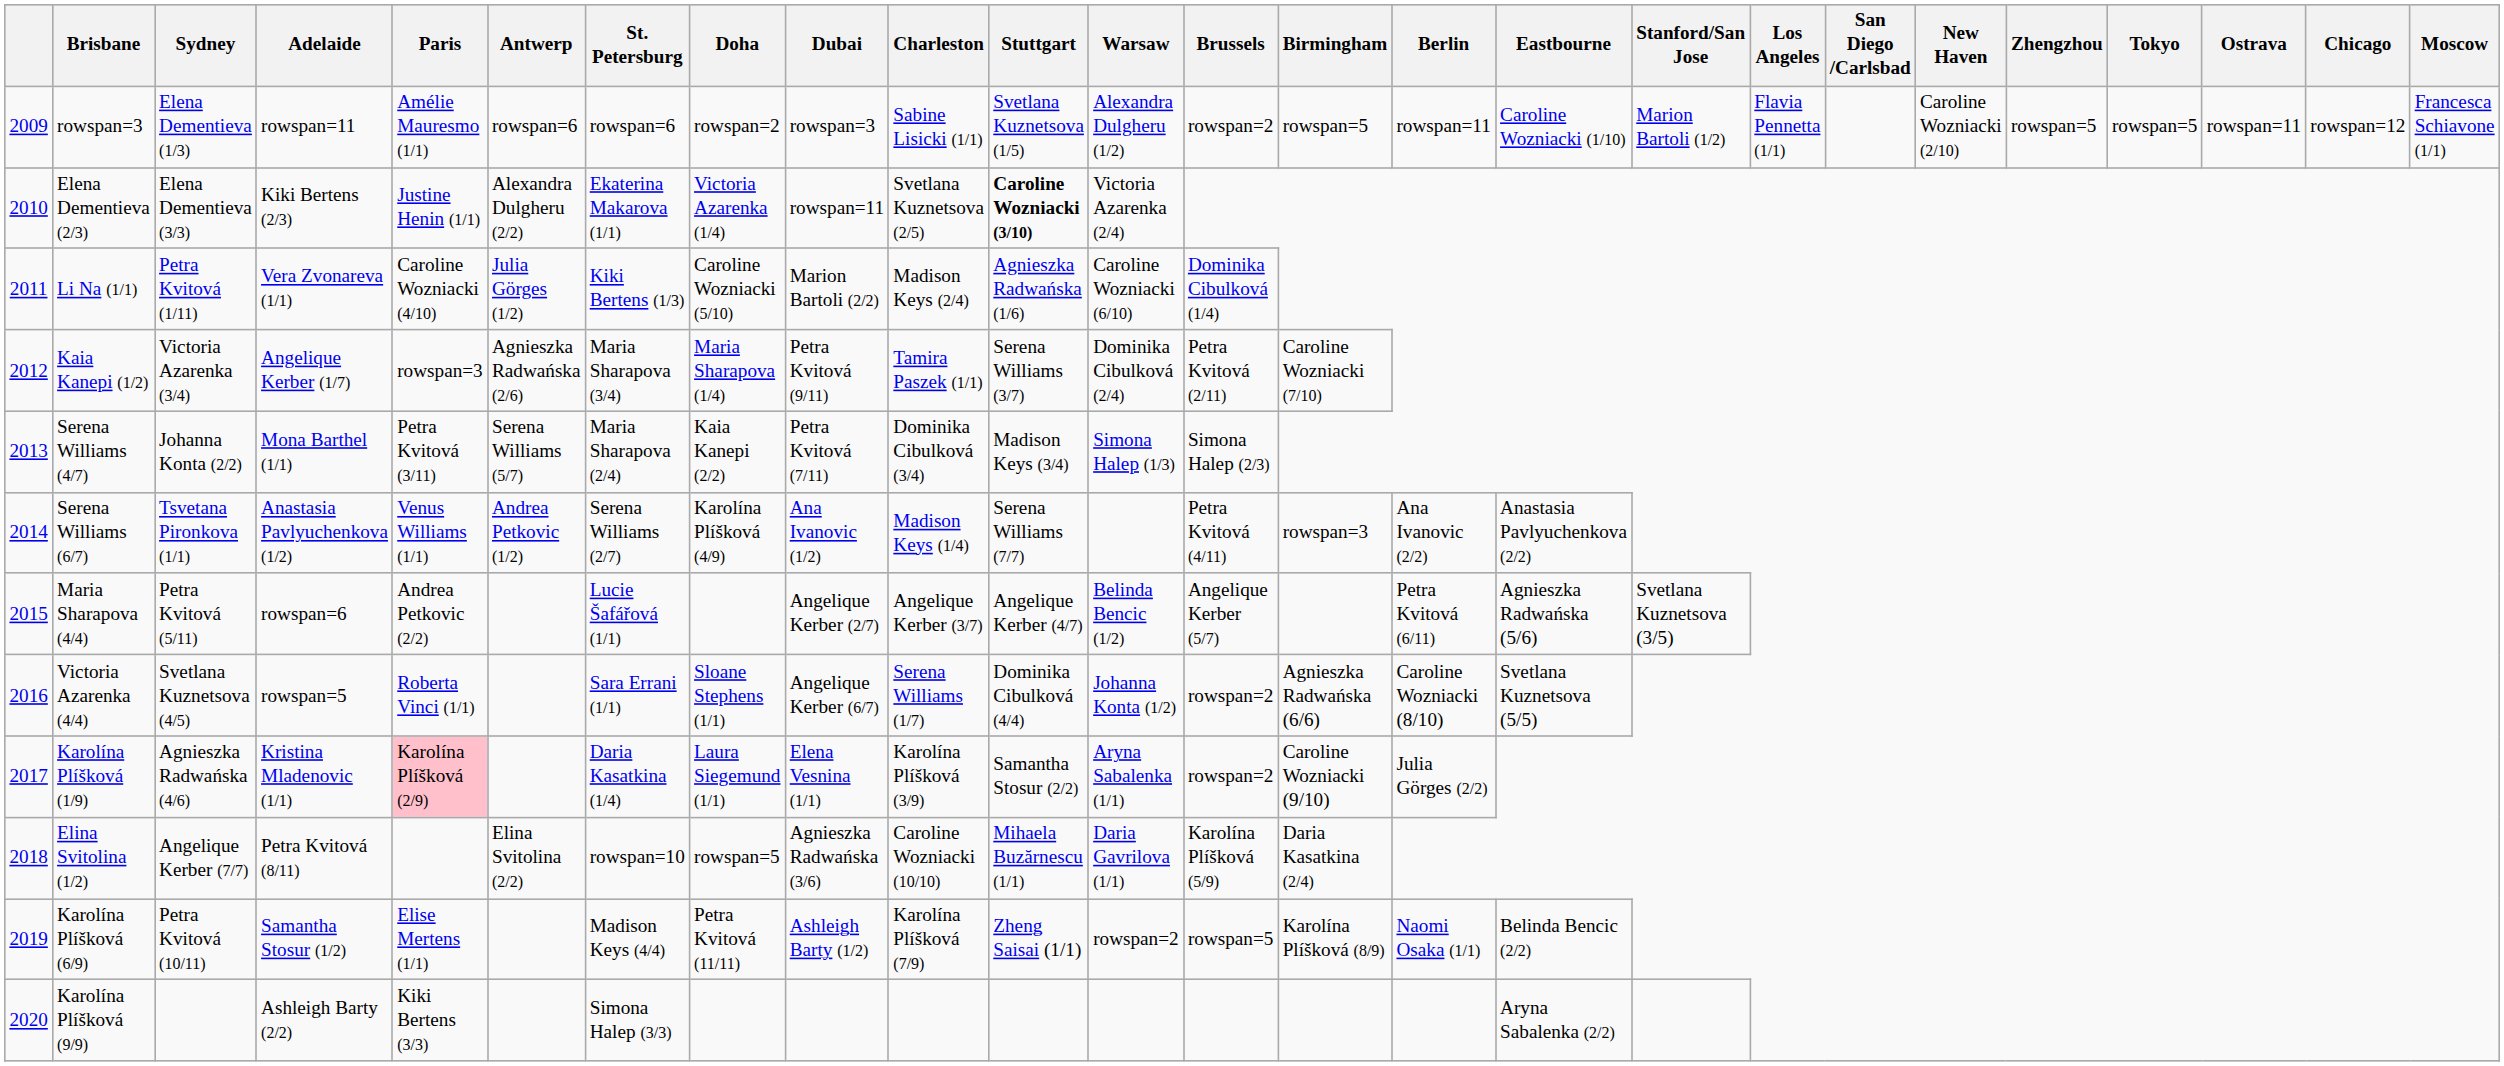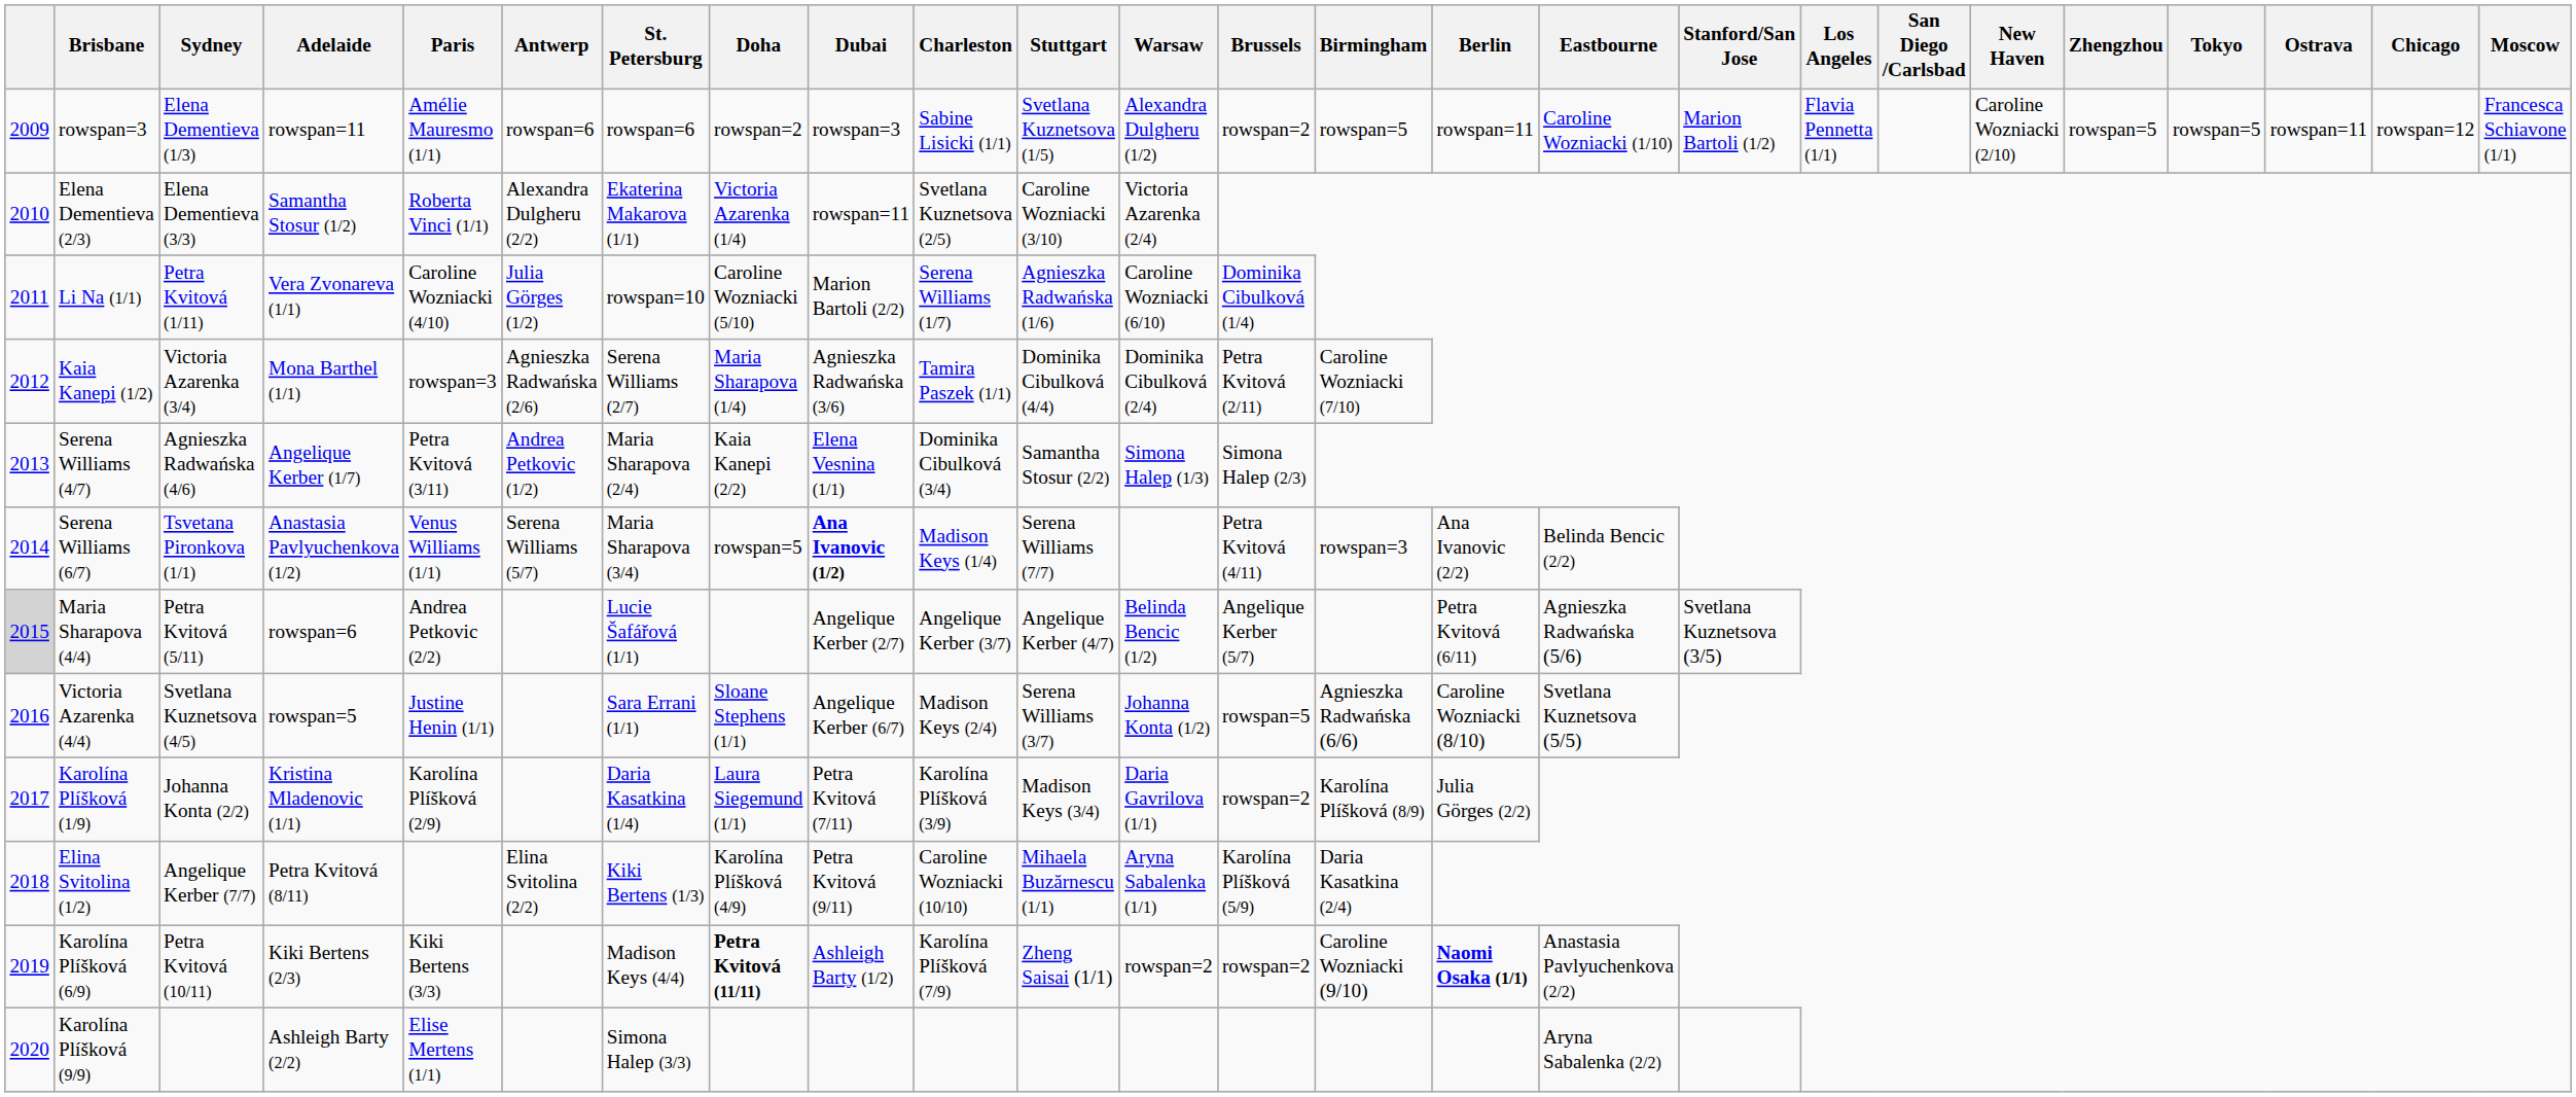 <table class="wikitable" style="font-size: 75%; border: #aaa solid 1px; border-collapse: collapse; text-align:left;">
 <tr bgcolor="#ececec">
 <th></th>
 <th width=100>Brisbane</th>
 <th>Sydney</th>
 <th>Adelaide</th>
 <th width=100>Paris</th>
 <th width=100>Antwerp</th>
 <th width=100>St. Petersburg</th>
 <th width=100>Doha</th>
 <th width=100>Dubai</th>
 <th width=100>Charleston</th>
 <th width=100>Stuttgart</th>
 <th width=100>Warsaw</th>
 <th width=100>Brussels</th>
 <th width=100>Birmingham</th>
 <th width=100>Berlin</th>
 <th width=100>Eastbourne</th>
 <th width=100>Stanford/San Jose</th>
 <th width=100>Los Angeles</th>
 <th width=100>San Diego /Carlsbad</th>
 <th width=100>New Haven</th>
 <th width=100>Zhengzhou</th>
 <th width=100>Tokyo</th>
 <th width=100>Ostrava</th>
 <th width=100>Chicago</th>
 <th width=100>Moscow</th>
 </tr>
 <tr>
 <td style="text-align:center;"><a href='#'>2009</a></td>
 <td>rowspan=3 </td>
 <td> <a href='#'>Elena Dementieva</a> <small>(1/3)</small></td>
 <td>rowspan=11 </td>
 <td> <a href='#'>Amélie Mauresmo</a> <small>(1/1)</small></td>
 <td>rowspan=6 </td>
 <td>rowspan=6 </td>
 <td>rowspan=2 </td>
 <td>rowspan=3 </td>
 <td> <a href='#'>Sabine Lisicki</a> <small>(1/1)</small></td>
 <td> <a href='#'>Svetlana Kuznetsova</a> <small>(1/5)</small></td>
 <td> <a href='#'>Alexandra Dulgheru</a> <small>(1/2)</small></td>
 <td>rowspan=2 </td>
 <td>rowspan=5 </td>
 <td>rowspan=11 </td>
 <td> <a href='#'>Caroline Wozniacki</a> <small>(1/10)</small></td>
 <td> <a href='#'>Marion Bartoli</a> <small>(1/2)</small></td>
 <td> <a href='#'>Flavia Pennetta</a> <small>(1/1)</small></td>
 <td></td>
 <td> Caroline Wozniacki <small>(2/10)</small></td>
 <td>rowspan=5 </td>
 <td>rowspan=5 </td>
 <td>rowspan=11 </td>
 <td>rowspan=12 </td>
 <td> <a href='#'>Francesca Schiavone</a> <small>(1/1)</small></td>
 </tr>
 <tr>
 <td style="text-align:center;"><a href='#'>2010</a></td>
 <td> Elena Dementieva <small>(2/3)</small></td>
 <td> Elena Dementieva <small>(3/3)</small></td>
-<td> Kiki Bertens <small>(2/3)</small></td>
-<td> <a href='#'>Justine Henin</a> <small>(1/1)</small></td>
+<td> <a href='#'>Samantha Stosur</a> <small>(1/2)</small></td>
+<td> <a href='#'>Roberta Vinci</a> <small>(1/1)</small></td>
 <td> Alexandra Dulgheru <small>(2/2)</small></td>
 <td> <a href='#'>Ekaterina Makarova</a> <small>(1/1)</small></td>
 <td> <a href='#'>Victoria Azarenka</a> <small>(1/4)</small></td>
 <td>rowspan=11 </td>
 <td> Svetlana Kuznetsova <small>(2/5)</small></td>
-<td><strong> Caroline Wozniacki <small>(3/10)</small></strong></td>
+<td> Caroline Wozniacki <small>(3/10)</small></td>
 <td> Victoria Azarenka <small>(2/4)</small></td>
 </tr>
 <tr>
 <td style="text-align:center;"><a href='#'>2011</a></td>
 <td> <a href='#'>Li Na</a> <small>(1/1)</small></td>
 <td> <a href='#'>Petra Kvitová</a> <small>(1/11)</small></td>
 <td> <a href='#'>Vera Zvonareva</a> <small>(1/1)</small></td>
 <td> Caroline Wozniacki <small>(4/10)</small></td>
 <td> <a href='#'>Julia Görges</a> <small>(1/2)</small></td>
-<td> <a href='#'>Kiki Bertens</a> <small>(1/3)</small></td>
+<td>rowspan=10 </td>
 <td> Caroline Wozniacki <small>(5/10)</small></td>
 <td> Marion Bartoli <small>(2/2)</small></td>
-<td> Madison Keys <small>(2/4)</small></td>
+<td> <a href='#'>Serena Williams</a> <small>(1/7)</small></td>
 <td> <a href='#'>Agnieszka Radwańska</a> <small>(1/6)</small></td>
 <td> Caroline Wozniacki <small>(6/10)</small></td>
 <td> <a href='#'>Dominika Cibulková</a> <small>(1/4)</small></td>
 </tr>
 <tr>
 <td style="text-align:center;"><a href='#'>2012</a></td>
 <td> <a href='#'>Kaia Kanepi</a> <small>(1/2)</small></td>
 <td> Victoria Azarenka <small>(3/4)</small></td>
-<td> <a href='#'>Angelique Kerber</a> <small>(1/7)</small></td>
+<td> <a href='#'>Mona Barthel</a> <small>(1/1)</small></td>
 <td>rowspan=3 </td>
 <td> Agnieszka Radwańska <small>(2/6)</small></td>
-<td> Maria Sharapova <small>(3/4)</small></td>
+<td> Serena Williams <small>(2/7)</small></td>
 <td> <a href='#'>Maria Sharapova</a> <small>(1/4)</small></td>
-<td> Petra Kvitová <small>(9/11)</small></td>
+<td> Agnieszka Radwańska <small>(3/6)</small></td>
 <td> <a href='#'>Tamira Paszek</a> <small>(1/1)</small></td>
-<td> Serena Williams <small>(3/7)</small></td>
+<td> Dominika Cibulková <small>(4/4)</small></td>
 <td> Dominika Cibulková <small>(2/4)</small></td>
 <td> Petra Kvitová <small>(2/11)</small></td>
 <td> Caroline Wozniacki <small>(7/10)</small></td>
 </tr>
 <tr>
 <td style="text-align:center;"><a href='#'>2013</a></td>
 <td> Serena Williams <small>(4/7)</small></td>
-<td> Johanna Konta <small>(2/2)</small></td>
-<td> <a href='#'>Mona Barthel</a> <small>(1/1)</small></td>
+<td> Agnieszka Radwańska <small>(4/6)</small></td>
+<td> <a href='#'>Angelique Kerber</a> <small>(1/7)</small></td>
 <td> Petra Kvitová <small>(3/11)</small></td>
-<td> Serena Williams <small>(5/7)</small></td>
+<td> <a href='#'>Andrea Petkovic</a> <small>(1/2)</small></td>
 <td> Maria Sharapova <small>(2/4)</small></td>
 <td> Kaia Kanepi <small>(2/2)</small></td>
-<td> Petra Kvitová <small>(7/11)</small></td>
+<td> <a href='#'>Elena Vesnina</a> <small>(1/1)</small></td>
 <td> Dominika Cibulková <small>(3/4)</small></td>
-<td> Madison Keys <small>(3/4)</small></td>
+<td> Samantha Stosur <small>(2/2)</small></td>
 <td> <a href='#'>Simona Halep</a> <small>(1/3)</small></td>
 <td> Simona Halep <small>(2/3)</small></td>
 </tr>
 <tr>
 <td style="text-align:center;"><a href='#'>2014</a></td>
 <td> Serena Williams <small>(6/7)</small></td>
 <td> <a href='#'>Tsvetana Pironkova</a> <small>(1/1)</small></td>
 <td> <a href='#'>Anastasia Pavlyuchenkova</a> <small>(1/2)</small></td>
 <td> <a href='#'>Venus Williams</a> <small>(1/1)</small></td>
-<td> <a href='#'>Andrea Petkovic</a> <small>(1/2)</small></td>
-<td> Serena Williams <small>(2/7)</small></td>
-<td> Karolína Plíšková <small>(4/9)</small></td>
-<td> <a href='#'>Ana Ivanovic</a> <small>(1/2)</small></td>
+<td> Serena Williams <small>(5/7)</small></td>
+<td> Maria Sharapova <small>(3/4)</small></td>
+<td>rowspan=5 </td>
+<td><strong> <a href='#'>Ana Ivanovic</a> <small>(1/2)</small></strong></td>
 <td> <a href='#'>Madison Keys</a> <small>(1/4)</small></td>
 <td> Serena Williams <small>(7/7)</small></td>
 <td></td>
 <td> Petra Kvitová <small>(4/11)</small></td>
 <td>rowspan=3 </td>
 <td> Ana Ivanovic <small>(2/2)</small></td>
-<td> Anastasia Pavlyuchenkova <small>(2/2)</small></td>
+<td> Belinda Bencic <small>(2/2)</small></td>
 </tr>
 <tr>
-<td style="text-align:center;"><a href='#'>2015</a></td>
+<td style="background: lightgrey; text-align:center;"><a href='#'>2015</a></td>
 <td> Maria Sharapova <small>(4/4)</small></td>
 <td> Petra Kvitová <small>(5/11)</small></td>
 <td>rowspan=6 </td>
 <td> Andrea Petkovic <small>(2/2)</small></td>
 <td></td>
 <td> <a href='#'>Lucie Šafářová</a> <small>(1/1)</small></td>
 <td></td>
 <td> Angelique Kerber <small>(2/7)</small></td>
 <td> Angelique Kerber <small>(3/7)</small></td>
 <td> Angelique Kerber <small>(4/7)</small></td>
 <td> <a href='#'>Belinda Bencic</a> <small>(1/2)</small></td>
 <td> Angelique Kerber <small>(5/7)</small></td>
 <td></td>
 <td> Petra Kvitová <small>(6/11)</small></td>
 <td> Agnieszka Radwańska (5/6)</td>
 <td> Svetlana Kuznetsova (3/5)</td>
 </tr>
 <tr>
 <td style="text-align:center;"><a href='#'>2016</a></td>
 <td> Victoria Azarenka <small>(4/4)</small></td>
 <td> Svetlana Kuznetsova <small>(4/5)</small></td>
 <td>rowspan=5 </td>
-<td> <a href='#'>Roberta Vinci</a> <small>(1/1)</small></td>
+<td> <a href='#'>Justine Henin</a> <small>(1/1)</small></td>
 <td></td>
 <td> <a href='#'>Sara Errani</a> <small>(1/1)</small></td>
 <td> <a href='#'>Sloane Stephens</a> <small>(1/1)</small></td>
 <td> Angelique Kerber <small>(6/7)</small></td>
-<td> <a href='#'>Serena Williams</a> <small>(1/7)</small></td>
-<td> Dominika Cibulková <small>(4/4)</small></td>
+<td> Madison Keys <small>(2/4)</small></td>
+<td> Serena Williams <small>(3/7)</small></td>
 <td> <a href='#'>Johanna Konta</a> <small>(1/2)</small></td>
-<td>rowspan=2 </td>
+<td>rowspan=5 </td>
 <td> Agnieszka Radwańska (6/6)</td>
 <td> Caroline Wozniacki (8/10)</td>
 <td> Svetlana Kuznetsova (5/5)</td>
 </tr>
 <tr>
 <td style="text-align:center;"><a href='#'>2017</a></td>
 <td> <a href='#'>Karolína Plíšková</a> <small>(1/9)</small></td>
-<td> Agnieszka Radwańska <small>(4/6)</small></td>
+<td> Johanna Konta <small>(2/2)</small></td>
 <td> <a href='#'>Kristina Mladenovic</a> <small>(1/1)</small></td>
-<td style="background: pink;"> Karolína Plíšková <small>(2/9)</small></td>
+<td> Karolína Plíšková <small>(2/9)</small></td>
 <td></td>
 <td> <a href='#'>Daria Kasatkina</a> <small>(1/4)</small></td>
 <td> <a href='#'>Laura Siegemund</a> <small>(1/1)</small></td>
-<td> <a href='#'>Elena Vesnina</a> <small>(1/1)</small></td>
+<td> Petra Kvitová <small>(7/11)</small></td>
 <td> Karolína Plíšková <small>(3/9)</small></td>
-<td> Samantha Stosur <small>(2/2)</small></td>
-<td> <a href='#'>Aryna Sabalenka</a> <small>(1/1)</small></td>
+<td> Madison Keys <small>(3/4)</small></td>
+<td> <a href='#'>Daria Gavrilova</a> <small>(1/1)</small></td>
 <td>rowspan=2 </td>
-<td> Caroline Wozniacki (9/10)</td>
+<td> Karolína Plíšková <small>(8/9)</small></td>
 <td> Julia Görges <small>(2/2)</small></td>
 </tr>
 <tr>
 <td style="text-align:center;"><a href='#'>2018</a></td>
 <td> <a href='#'>Elina Svitolina</a> <small>(1/2)</small></td>
 <td> Angelique Kerber <small>(7/7)</small></td>
 <td> Petra Kvitová <small>(8/11)</small></td>
 <td></td>
 <td> Elina Svitolina <small>(2/2)</small></td>
-<td>rowspan=10 </td>
-<td>rowspan=5 </td>
-<td> Agnieszka Radwańska <small>(3/6)</small></td>
+<td> <a href='#'>Kiki Bertens</a> <small>(1/3)</small></td>
+<td> Karolína Plíšková <small>(4/9)</small></td>
+<td> Petra Kvitová <small>(9/11)</small></td>
 <td> Caroline Wozniacki <small>(10/10)</small></td>
 <td> <a href='#'>Mihaela Buzărnescu</a> <small>(1/1)</small></td>
-<td> <a href='#'>Daria Gavrilova</a> <small>(1/1)</small></td>
+<td> <a href='#'>Aryna Sabalenka</a> <small>(1/1)</small></td>
 <td> Karolína Plíšková <small>(5/9)</small></td>
 <td> Daria Kasatkina <small>(2/4)</small></td>
 </tr>
 <tr>
 <td style="text-align:center;"><a href='#'>2019</a></td>
 <td> Karolína Plíšková <small>(6/9)</small></td>
 <td> Petra Kvitová <small>(10/11)</small></td>
-<td> <a href='#'>Samantha Stosur</a> <small>(1/2)</small></td>
-<td> <a href='#'>Elise Mertens</a> <small>(1/1)</small></td>
+<td> Kiki Bertens <small>(2/3)</small></td>
+<td> Kiki Bertens <small>(3/3)</small></td>
 <td></td>
 <td> Madison Keys <small>(4/4)</small></td>
-<td> Petra Kvitová <small>(11/11)</small></td>
+<td><strong> Petra Kvitová <small>(11/11)</small></strong></td>
 <td> <a href='#'>Ashleigh Barty</a> <small>(1/2)</small></td>
 <td> Karolína Plíšková <small>(7/9)</small></td>
 <td> <a href='#'>Zheng Saisai</a> (1/1)</td>
 <td>rowspan=2 </td>
-<td>rowspan=5 </td>
-<td> Karolína Plíšková <small>(8/9)</small></td>
-<td> <a href='#'>Naomi Osaka</a> <small>(1/1)</small></td>
-<td> Belinda Bencic <small>(2/2)</small></td>
+<td>rowspan=2 </td>
+<td> Caroline Wozniacki (9/10)</td>
+<td><strong> <a href='#'>Naomi Osaka</a> <small>(1/1)</small></strong></td>
+<td> Anastasia Pavlyuchenkova <small>(2/2)</small></td>
 </tr>
 <tr>
 <td style="text-align:center;"><a href='#'>2020</a></td>
 <td> Karolína Plíšková <small>(9/9)</small></td>
 <td></td>
 <td> Ashleigh Barty <small>(2/2)</small></td>
-<td> Kiki Bertens <small>(3/3)</small></td>
+<td> <a href='#'>Elise Mertens</a> <small>(1/1)</small></td>
 <td></td>
 <td> Simona Halep <small>(3/3)</small></td>
 <td></td>
 <td></td>
 <td></td>
 <td></td>
 <td></td>
 <td></td>
 <td></td>
 <td></td>
 <td> Aryna Sabalenka <small>(2/2)</small></td>
 <td></td>
 </tr>
 </table>
